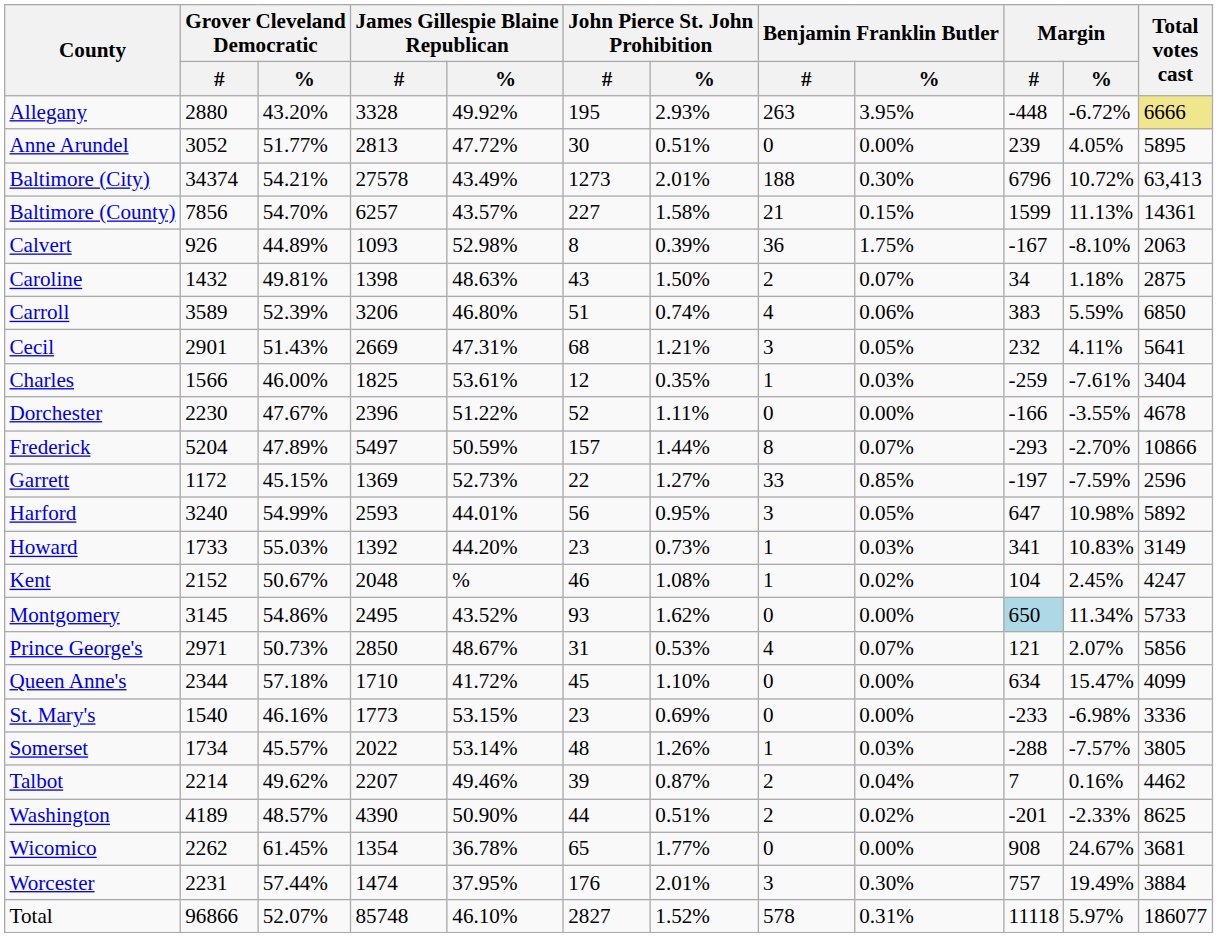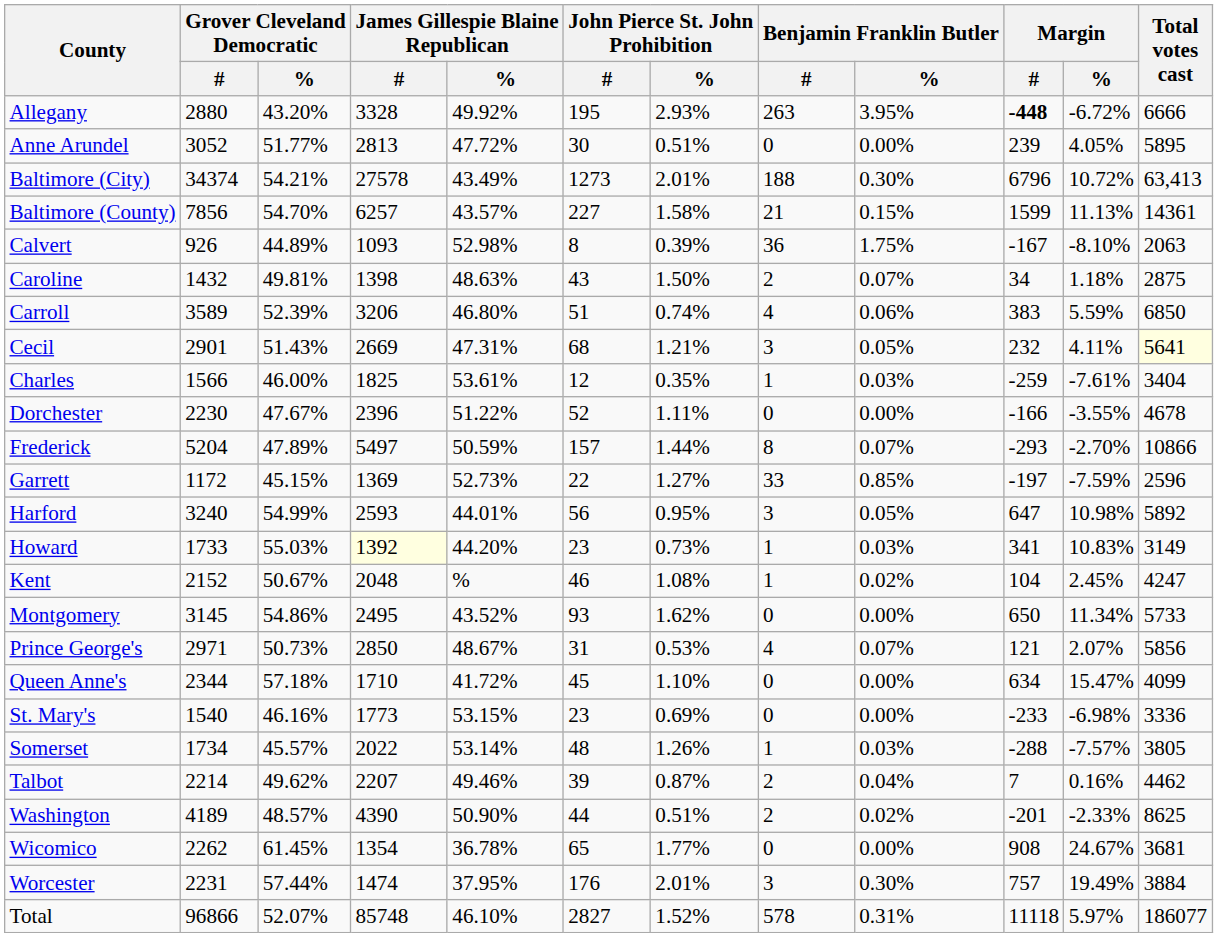 <table class="wikitable sortable">
 <tr>
 <th rowspan="2">County</th>
 <th colspan="2" >Grover Cleveland<br>Democratic</th>
 <th colspan="2" >James Gillespie Blaine<br>Republican</th>
 <th colspan="2" >John Pierce St. John<br>Prohibition</th>
 <th colspan="2" >Benjamin Franklin Butler</th>
 <th colspan="2">Margin</th>
 <th rowspan="2">Total<br>votes<br>cast</th>
 </tr>
 <tr>
 <th>#</th>
 <th>%</th>
 <th>#</th>
 <th>%</th>
 <th>#</th>
 <th>%</th>
 <th>#</th>
 <th>%</th>
 <th>#</th>
 <th>%</th>
 </tr>
 <tr>
 <td><a href='#'>Allegany</a></td>
 <td>2880</td>
 <td>43.20%</td>
 <td>3328</td>
 <td>49.92%</td>
 <td>195</td>
 <td>2.93%</td>
 <td>263</td>
 <td>3.95%</td>
-<td>-448</td>
+<td><strong>-448</strong></td>
 <td>-6.72%</td>
-<td style="background: khaki;">6666</td>
+<td>6666</td>
 </tr>
 <tr>
 <td><a href='#'>Anne Arundel</a></td>
 <td>3052</td>
 <td>51.77%</td>
 <td>2813</td>
 <td>47.72%</td>
 <td>30</td>
 <td>0.51%</td>
 <td>0</td>
 <td>0.00%</td>
 <td>239</td>
 <td>4.05%</td>
 <td>5895</td>
 </tr>
 <tr>
 <td><a href='#'>Baltimore (City)</a></td>
 <td>34374</td>
 <td>54.21%</td>
 <td>27578</td>
 <td>43.49%</td>
 <td>1273</td>
 <td>2.01%</td>
 <td>188</td>
 <td>0.30%</td>
 <td>6796</td>
 <td>10.72%</td>
 <td>63,413</td>
 </tr>
 <tr>
 <td><a href='#'>Baltimore (County)</a></td>
 <td>7856</td>
 <td>54.70%</td>
 <td>6257</td>
 <td>43.57%</td>
 <td>227</td>
 <td>1.58%</td>
 <td>21</td>
 <td>0.15%</td>
 <td>1599</td>
 <td>11.13%</td>
 <td>14361</td>
 </tr>
 <tr>
 <td><a href='#'>Calvert</a></td>
 <td>926</td>
 <td>44.89%</td>
 <td>1093</td>
 <td>52.98%</td>
 <td>8</td>
 <td>0.39%</td>
 <td>36</td>
 <td>1.75%</td>
 <td>-167</td>
 <td>-8.10%</td>
 <td>2063</td>
 </tr>
 <tr>
 <td><a href='#'>Caroline</a></td>
 <td>1432</td>
 <td>49.81%</td>
 <td>1398</td>
 <td>48.63%</td>
 <td>43</td>
 <td>1.50%</td>
 <td>2</td>
 <td>0.07%</td>
 <td>34</td>
 <td>1.18%</td>
 <td>2875</td>
 </tr>
 <tr>
 <td><a href='#'>Carroll</a></td>
 <td>3589</td>
 <td>52.39%</td>
 <td>3206</td>
 <td>46.80%</td>
 <td>51</td>
 <td>0.74%</td>
 <td>4</td>
 <td>0.06%</td>
 <td>383</td>
 <td>5.59%</td>
 <td>6850</td>
 </tr>
 <tr>
 <td><a href='#'>Cecil</a></td>
 <td>2901</td>
 <td>51.43%</td>
 <td>2669</td>
 <td>47.31%</td>
 <td>68</td>
 <td>1.21%</td>
 <td>3</td>
 <td>0.05%</td>
 <td>232</td>
 <td>4.11%</td>
-<td>5641</td>
+<td style="background: lightyellow;">5641</td>
 </tr>
 <tr>
 <td><a href='#'>Charles</a></td>
 <td>1566</td>
 <td>46.00%</td>
 <td>1825</td>
 <td>53.61%</td>
 <td>12</td>
 <td>0.35%</td>
 <td>1</td>
 <td>0.03%</td>
 <td>-259</td>
 <td>-7.61%</td>
 <td>3404</td>
 </tr>
 <tr>
 <td><a href='#'>Dorchester</a></td>
 <td>2230</td>
 <td>47.67%</td>
 <td>2396</td>
 <td>51.22%</td>
 <td>52</td>
 <td>1.11%</td>
 <td>0</td>
 <td>0.00%</td>
 <td>-166</td>
 <td>-3.55%</td>
 <td>4678</td>
 </tr>
 <tr>
 <td><a href='#'>Frederick</a></td>
 <td>5204</td>
 <td>47.89%</td>
 <td>5497</td>
 <td>50.59%</td>
 <td>157</td>
 <td>1.44%</td>
 <td>8</td>
 <td>0.07%</td>
 <td>-293</td>
 <td>-2.70%</td>
 <td>10866</td>
 </tr>
 <tr>
 <td><a href='#'>Garrett</a></td>
 <td>1172</td>
 <td>45.15%</td>
 <td>1369</td>
 <td>52.73%</td>
 <td>22</td>
 <td>1.27%</td>
 <td>33</td>
 <td>0.85%</td>
 <td>-197</td>
 <td>-7.59%</td>
 <td>2596</td>
 </tr>
 <tr>
 <td><a href='#'>Harford</a></td>
 <td>3240</td>
 <td>54.99%</td>
 <td>2593</td>
 <td>44.01%</td>
 <td>56</td>
 <td>0.95%</td>
 <td>3</td>
 <td>0.05%</td>
 <td>647</td>
 <td>10.98%</td>
 <td>5892</td>
 </tr>
 <tr>
 <td><a href='#'>Howard</a></td>
 <td>1733</td>
 <td>55.03%</td>
-<td>1392</td>
+<td style="background: lightyellow;">1392</td>
 <td>44.20%</td>
 <td>23</td>
 <td>0.73%</td>
 <td>1</td>
 <td>0.03%</td>
 <td>341</td>
 <td>10.83%</td>
 <td>3149</td>
 </tr>
 <tr>
 <td><a href='#'>Kent</a></td>
 <td>2152</td>
 <td>50.67%</td>
 <td>2048</td>
 <td>%</td>
 <td>46</td>
 <td>1.08%</td>
 <td>1</td>
 <td>0.02%</td>
 <td>104</td>
 <td>2.45%</td>
 <td>4247</td>
 </tr>
 <tr>
 <td><a href='#'>Montgomery</a></td>
 <td>3145</td>
 <td>54.86%</td>
 <td>2495</td>
 <td>43.52%</td>
 <td>93</td>
 <td>1.62%</td>
 <td>0</td>
 <td>0.00%</td>
-<td style="background: lightblue;">650</td>
+<td>650</td>
 <td>11.34%</td>
 <td>5733</td>
 </tr>
 <tr>
 <td><a href='#'>Prince George's</a></td>
 <td>2971</td>
 <td>50.73%</td>
 <td>2850</td>
 <td>48.67%</td>
 <td>31</td>
 <td>0.53%</td>
 <td>4</td>
 <td>0.07%</td>
 <td>121</td>
 <td>2.07%</td>
 <td>5856</td>
 </tr>
 <tr>
 <td><a href='#'>Queen Anne's</a></td>
 <td>2344</td>
 <td>57.18%</td>
 <td>1710</td>
 <td>41.72%</td>
 <td>45</td>
 <td>1.10%</td>
 <td>0</td>
 <td>0.00%</td>
 <td>634</td>
 <td>15.47%</td>
 <td>4099</td>
 </tr>
 <tr>
 <td><a href='#'>St. Mary's</a></td>
 <td>1540</td>
 <td>46.16%</td>
 <td>1773</td>
 <td>53.15%</td>
 <td>23</td>
 <td>0.69%</td>
 <td>0</td>
 <td>0.00%</td>
 <td>-233</td>
 <td>-6.98%</td>
 <td>3336</td>
 </tr>
 <tr>
 <td><a href='#'>Somerset</a></td>
 <td>1734</td>
 <td>45.57%</td>
 <td>2022</td>
 <td>53.14%</td>
 <td>48</td>
 <td>1.26%</td>
 <td>1</td>
 <td>0.03%</td>
 <td>-288</td>
 <td>-7.57%</td>
 <td>3805</td>
 </tr>
 <tr>
 <td><a href='#'>Talbot</a></td>
 <td>2214</td>
 <td>49.62%</td>
 <td>2207</td>
 <td>49.46%</td>
 <td>39</td>
 <td>0.87%</td>
 <td>2</td>
 <td>0.04%</td>
 <td>7</td>
 <td>0.16%</td>
 <td>4462</td>
 </tr>
 <tr>
 <td><a href='#'>Washington</a></td>
 <td>4189</td>
 <td>48.57%</td>
 <td>4390</td>
 <td>50.90%</td>
 <td>44</td>
 <td>0.51%</td>
 <td>2</td>
 <td>0.02%</td>
 <td>-201</td>
 <td>-2.33%</td>
 <td>8625</td>
 </tr>
 <tr>
 <td><a href='#'>Wicomico</a></td>
 <td>2262</td>
 <td>61.45%</td>
 <td>1354</td>
 <td>36.78%</td>
 <td>65</td>
 <td>1.77%</td>
 <td>0</td>
 <td>0.00%</td>
 <td>908</td>
 <td>24.67%</td>
 <td>3681</td>
 </tr>
 <tr>
 <td><a href='#'>Worcester</a></td>
 <td>2231</td>
 <td>57.44%</td>
 <td>1474</td>
 <td>37.95%</td>
 <td>176</td>
 <td>2.01%</td>
 <td>3</td>
 <td>0.30%</td>
 <td>757</td>
 <td>19.49%</td>
 <td>3884</td>
 </tr>
 <tr>
 <td>Total</td>
 <td>96866</td>
 <td>52.07%</td>
 <td>85748</td>
 <td>46.10%</td>
 <td>2827</td>
 <td>1.52%</td>
 <td>578</td>
 <td>0.31%</td>
 <td>11118</td>
 <td>5.97%</td>
 <td>186077</td>
 </tr>
 </table>
